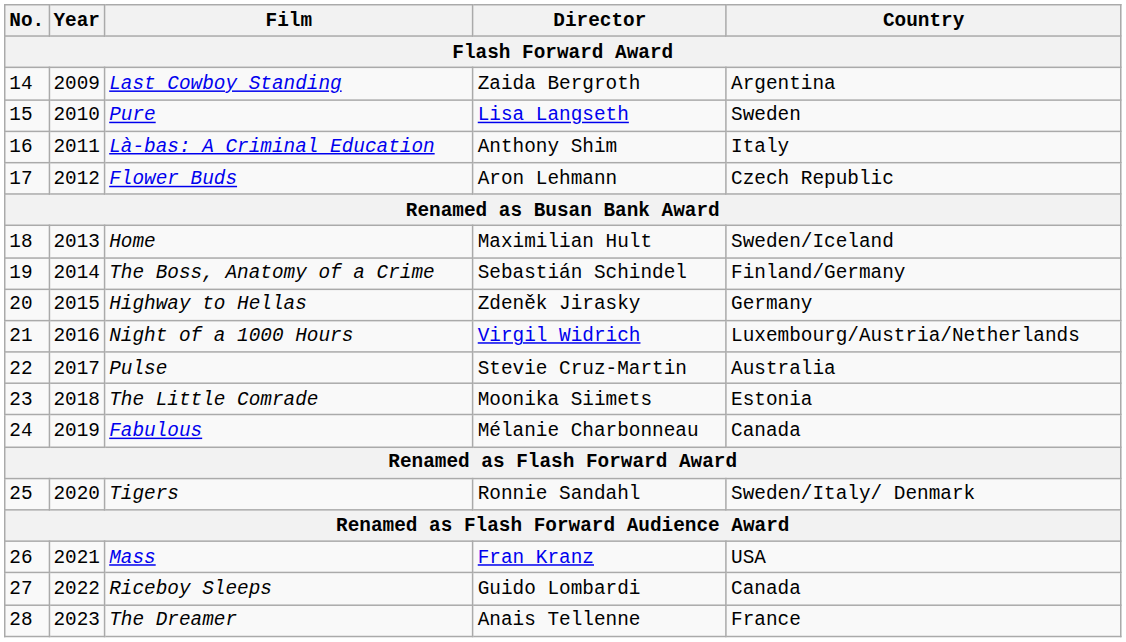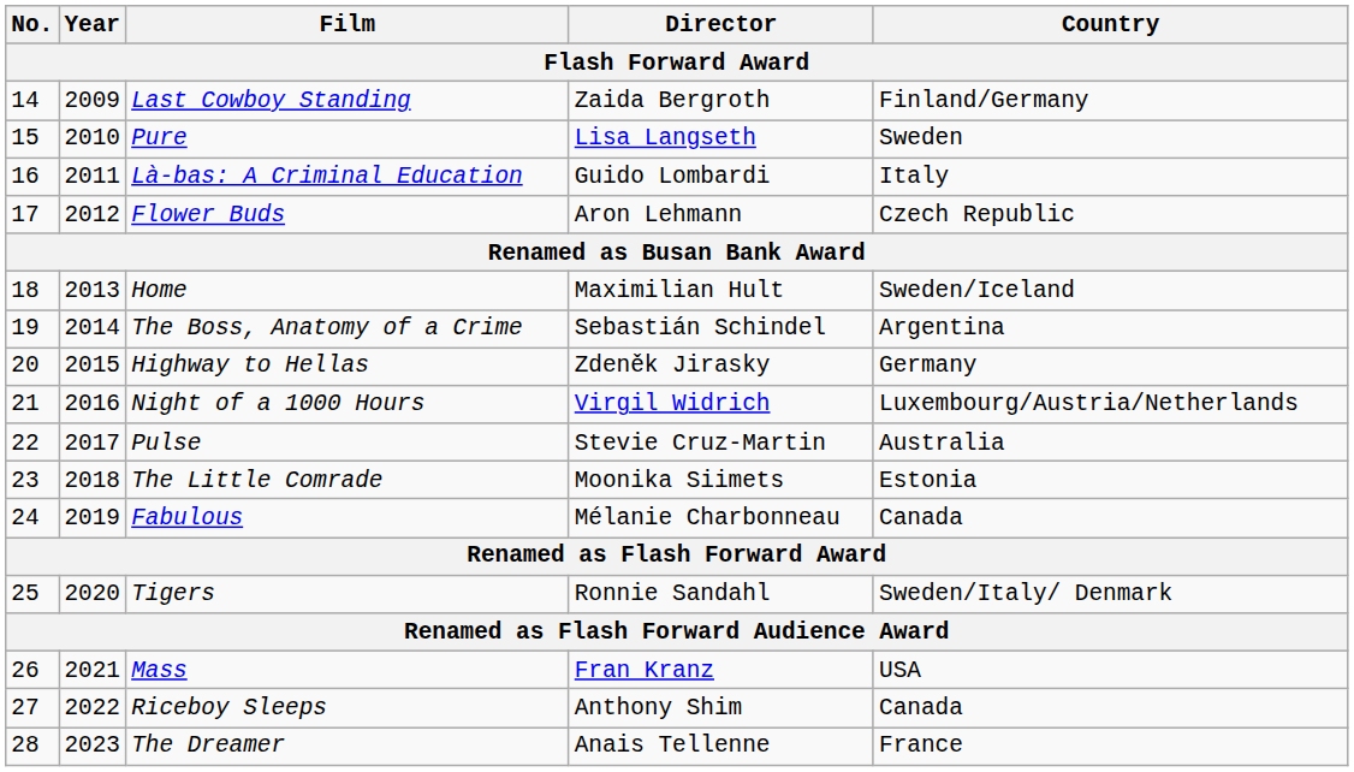 <table class=wikitable style="width:750px">
 <tr>
 <th width=10>No.</th>
 <th width=10>Year</th>
 <th>Film</th>
 <th>Director</th>
 <th>Country</th>
 </tr>
 <tr>
 <th colspan=5>Flash Forward Award</th>
 </tr>
 <tr>
 <td>14</td>
 <td>2009</td>
 <td><em><a href='#'>Last Cowboy Standing</a></em></td>
 <td>Zaida Bergroth</td>
-<td>Argentina</td>
+<td>Finland/Germany</td>
 </tr>
 <tr>
 <td>15</td>
 <td>2010</td>
 <td><em><a href='#'>Pure</a></em></td>
 <td><a href='#'>Lisa Langseth</a></td>
 <td>Sweden</td>
 </tr>
 <tr>
 <td>16</td>
 <td>2011</td>
 <td><em><a href='#'>Là-bas: A Criminal Education</a></em></td>
-<td>Anthony Shim</td>
+<td>Guido Lombardi</td>
 <td>Italy</td>
 </tr>
 <tr>
 <td>17</td>
 <td>2012</td>
 <td><em><a href='#'>Flower Buds</a></em></td>
 <td>Aron Lehmann</td>
 <td>Czech Republic</td>
 </tr>
 <tr>
 <th colspan=5>Renamed as Busan Bank Award</th>
 </tr>
 <tr>
 <td>18</td>
 <td>2013</td>
 <td><em>Home</em></td>
 <td>Maximilian Hult</td>
 <td>Sweden/Iceland</td>
 </tr>
 <tr>
 <td>19</td>
 <td>2014</td>
 <td><em>The Boss, Anatomy of a Crime</em></td>
 <td>Sebastián Schindel</td>
-<td>Finland/Germany</td>
+<td>Argentina</td>
 </tr>
 <tr>
 <td>20</td>
 <td>2015</td>
 <td><em>Highway to Hellas</em></td>
 <td>Zdeněk Jirasky</td>
 <td>Germany</td>
 </tr>
 <tr>
 <td>21</td>
 <td>2016</td>
 <td><em>Night of a 1000 Hours</em></td>
 <td><a href='#'>Virgil Widrich</a></td>
 <td>Luxembourg/Austria/Netherlands</td>
 </tr>
 <tr>
 <td>22</td>
 <td>2017</td>
 <td><em>Pulse</em></td>
 <td>Stevie Cruz-Martin</td>
 <td>Australia</td>
 </tr>
 <tr>
 <td>23</td>
 <td>2018</td>
 <td><em>The Little Comrade</em></td>
 <td>Moonika Siimets</td>
 <td>Estonia</td>
 </tr>
 <tr>
 <td>24</td>
 <td>2019</td>
 <td><em><a href='#'>Fabulous</a></em></td>
 <td>Mélanie Charbonneau</td>
 <td>Canada</td>
 </tr>
 <tr>
 <th colspan=5>Renamed as Flash Forward Award</th>
 </tr>
 <tr>
 <td>25</td>
 <td>2020</td>
 <td><em>Tigers</em></td>
 <td>Ronnie Sandahl</td>
 <td>Sweden/Italy/ Denmark</td>
 </tr>
 <tr>
 <th colspan=5>Renamed as Flash Forward Audience Award</th>
 </tr>
 <tr>
 <td>26</td>
 <td>2021</td>
 <td><em><a href='#'>Mass</a></em></td>
 <td><a href='#'>Fran Kranz</a></td>
 <td>USA</td>
 </tr>
 <tr>
 <td>27</td>
 <td>2022</td>
 <td><em>Riceboy Sleeps</em></td>
-<td>Guido Lombardi</td>
+<td>Anthony Shim</td>
 <td>Canada</td>
 </tr>
 <tr>
 <td>28</td>
 <td>2023</td>
 <td><em>The Dreamer</em></td>
 <td>Anais Tellenne</td>
 <td>France</td>
 </tr>
 </table>
